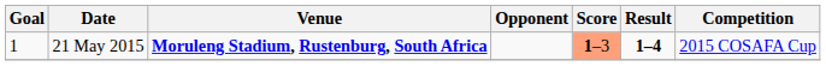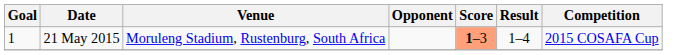 <table class="wikitable plainrowheaders sortable">
 <tr>
 <th>Goal</th>
 <th>Date</th>
 <th>Venue</th>
 <th>Opponent</th>
 <th>Score</th>
 <th>Result</th>
 <th>Competition</th>
 </tr>
 <tr>
 <td>1</td>
 <td>21 May 2015</td>
-<td><strong><a href='#'>Moruleng Stadium</a>, <a href='#'>Rustenburg</a>, <a href='#'>South Africa</a></strong></td>
+<td><a href='#'>Moruleng Stadium</a>, <a href='#'>Rustenburg</a>, <a href='#'>South Africa</a></td>
 <td></td>
 <td align=center style="background: lightsalmon;"><strong>1</strong>–3</td>
-<td align=center><strong>1–4</strong></td>
+<td align=center>1–4</td>
 <td><a href='#'>2015 COSAFA Cup</a></td>
 </tr>
 <tr>
 </tr>
 </table>
